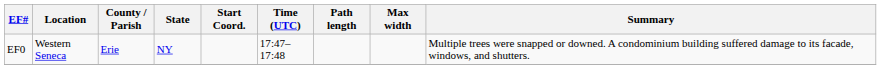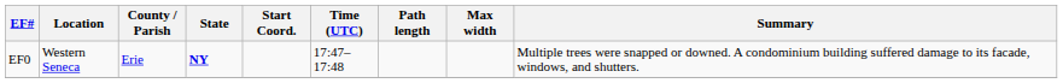 <table class="wikitable sortable" style="width:100%;">
 <tr>
 <th scope="col" style="width:3%; text-align:center;"><a href='#'>EF#</a></th>
 <th scope="col" style="width:7%; text-align:center;" class="unsortable">Location</th>
 <th scope="col" style="width:6%; text-align:center;" class="unsortable">County / Parish</th>
 <th scope="col" style="width:5%; text-align:center;">State</th>
 <th scope="col" style="width:6%; text-align:center;">Start Coord.</th>
 <th scope="col" style="width:6%; text-align:center;">Time (<a href='#'>UTC</a>)</th>
 <th scope="col" style="width:6%; text-align:center;">Path length</th>
 <th scope="col" style="width:6%; text-align:center;">Max width</th>
 <th scope="col" class="unsortable" style="width:48%; text-align:center;">Summary</th>
 </tr>
 <tr>
 <td bgcolor=>EF0</td>
 <td>Western <a href='#'>Seneca</a></td>
 <td><a href='#'>Erie</a></td>
-<td><a href='#'>NY</a></td>
+<td><strong><a href='#'>NY</a></strong></td>
 <td></td>
 <td>17:47–17:48</td>
 <td></td>
 <td></td>
 <td>Multiple trees were snapped or downed. A condominium building suffered damage to its facade, windows, and shutters.</td>
 </tr>
 <tr>
 </tr>
 </table>
